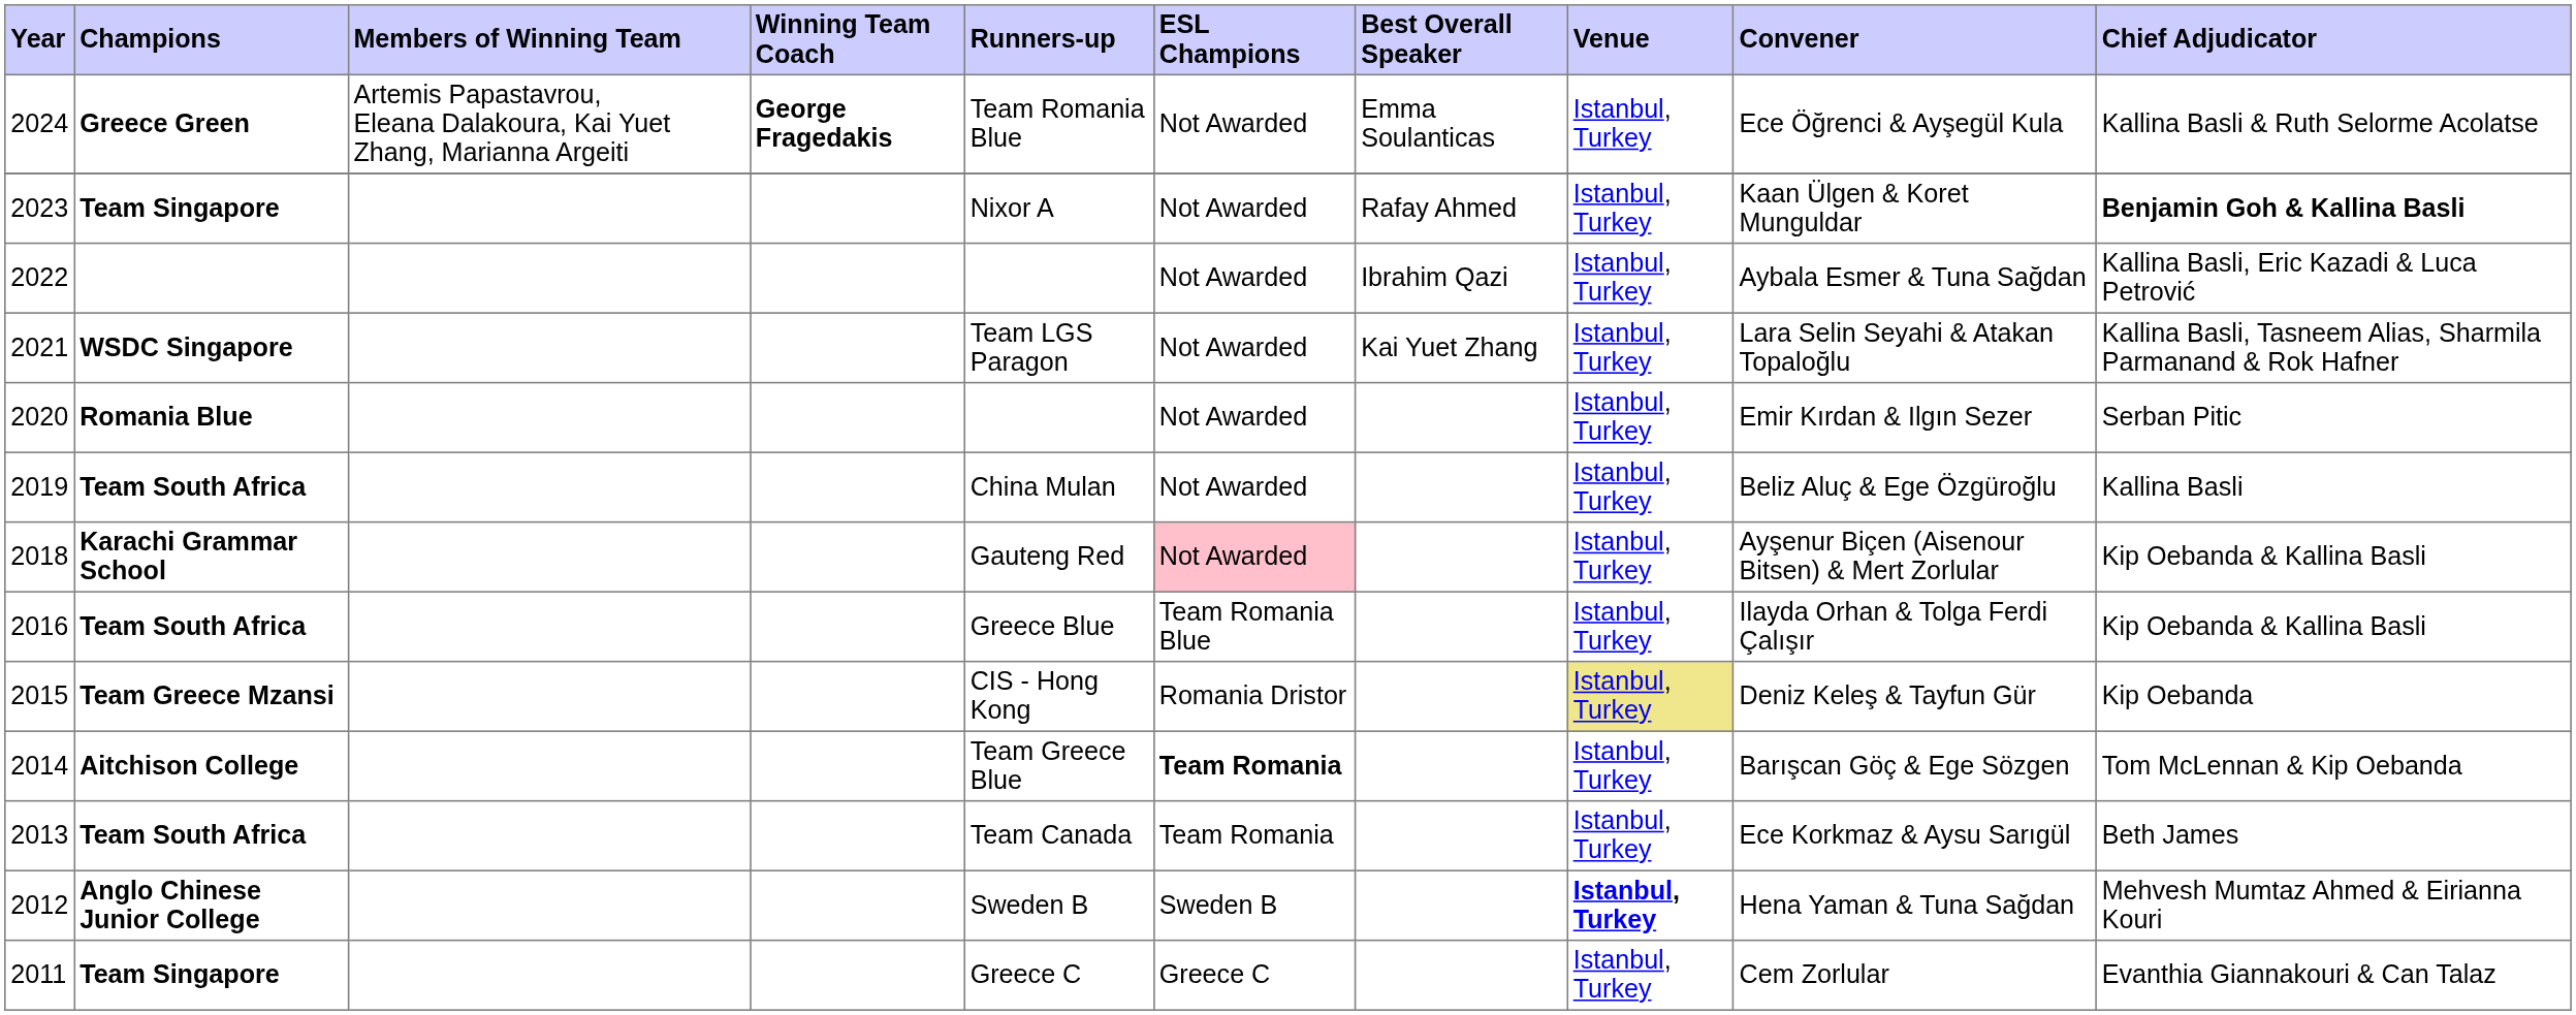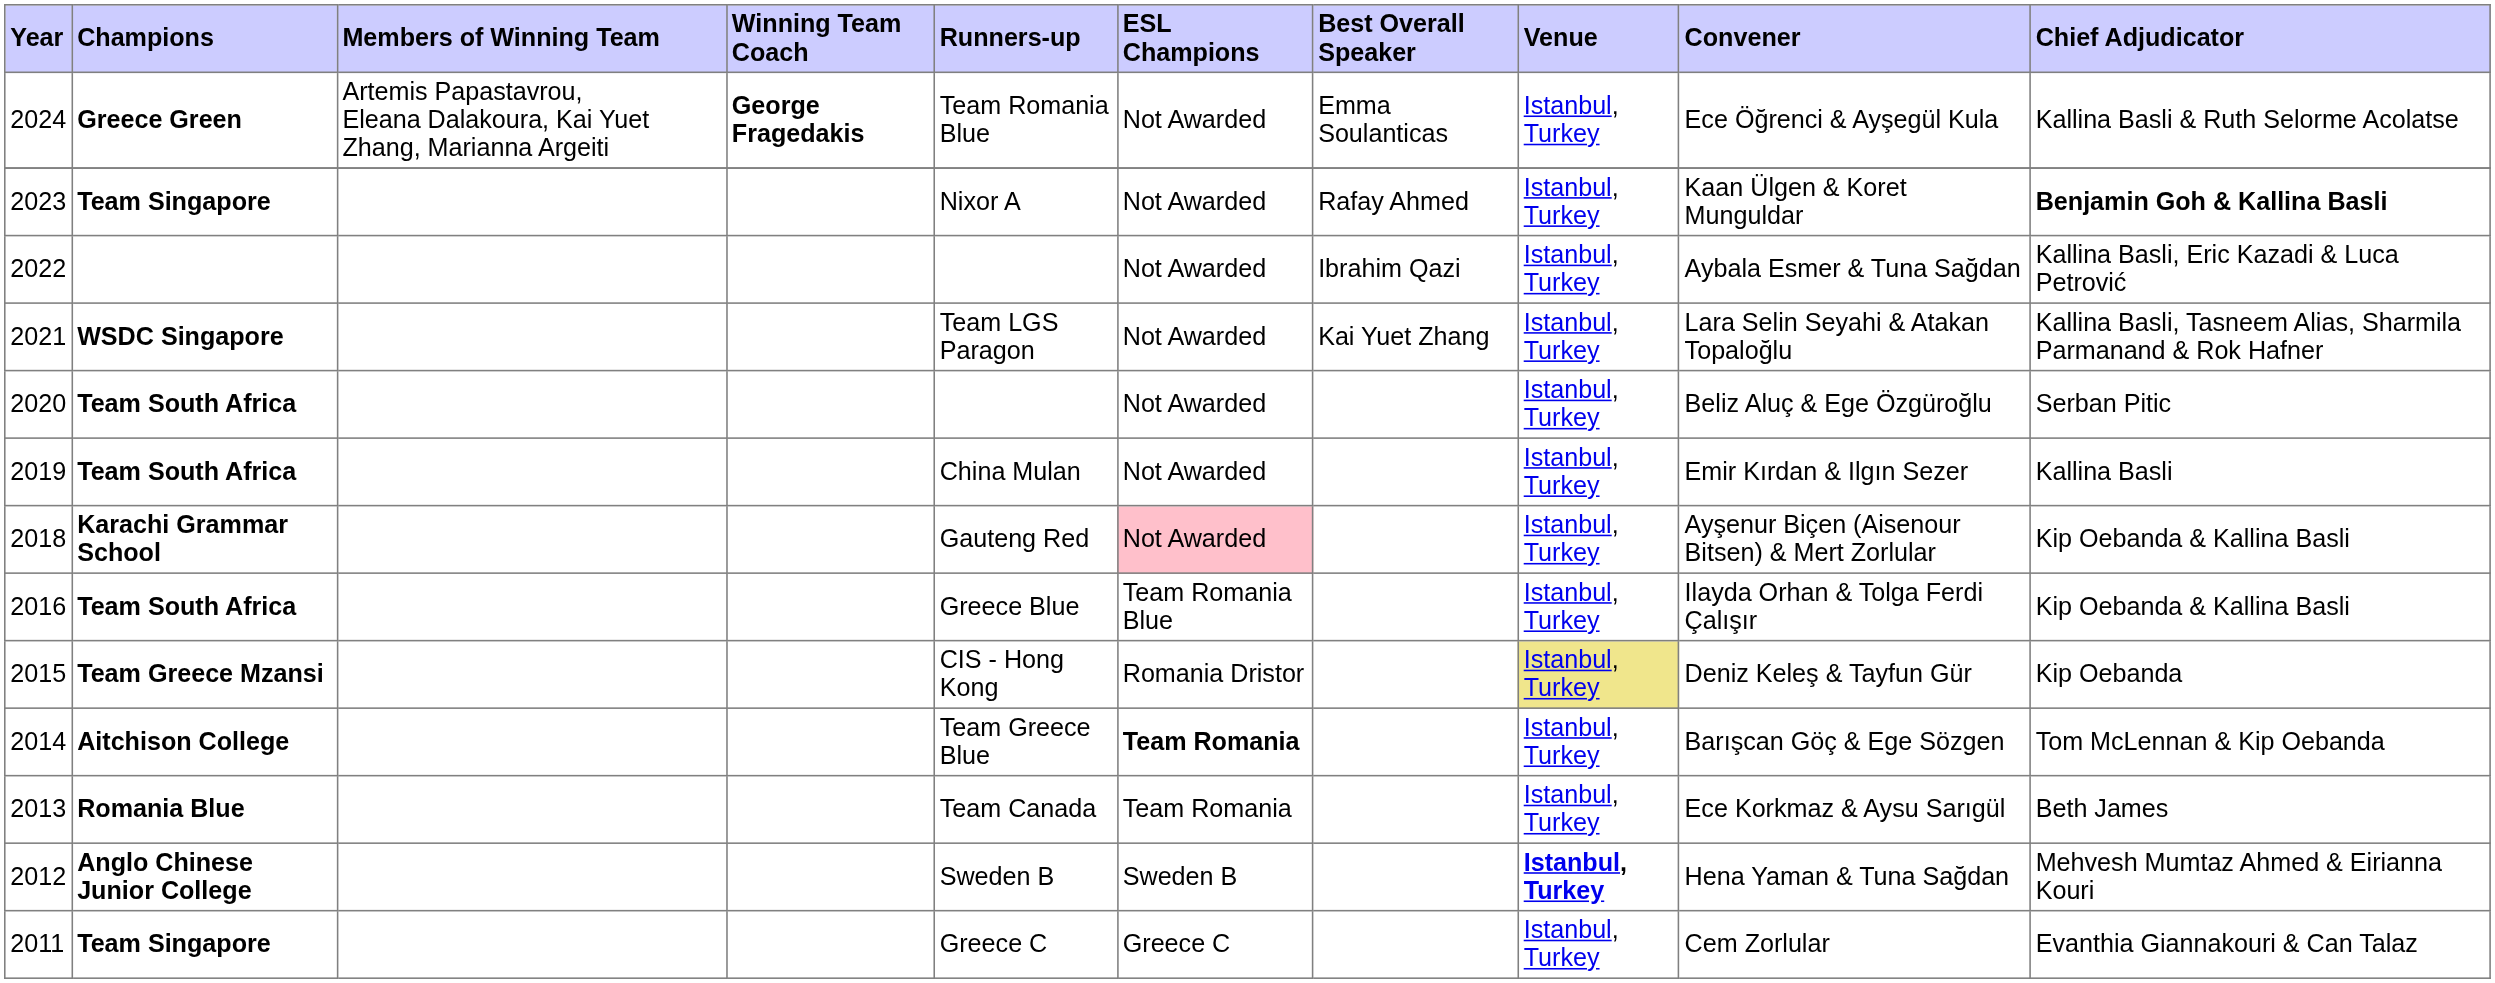 <table border=1 cellpadding=3 style="border-collapse: collapse;">
 <tr bgcolor="#ccccff">
 <td><strong>Year</strong></td>
 <td><strong>Champions</strong></td>
 <td><strong>Members of Winning Team</strong></td>
 <td><strong>Winning Team Coach</strong></td>
 <td><strong>Runners-up</strong></td>
 <td><strong>ESL Champions</strong></td>
 <td><strong>Best Overall Speaker</strong></td>
 <td><strong>Venue</strong></td>
 <td><strong>Convener</strong></td>
 <td><strong>Chief Adjudicator</strong></td>
 </tr>
 <tr>
 <td>2024</td>
 <td><strong>Greece Green</strong></td>
 <td>Artemis Papastavrou,<br>Eleana Dalakoura,  Kai Yuet Zhang, Marianna Argeiti</td>
 <td><strong>George Fragedakis</strong></td>
 <td>Team Romania Blue</td>
 <td>Not Awarded</td>
 <td>Emma Soulanticas</td>
 <td><a href='#'>Istanbul</a>, <a href='#'>Turkey</a></td>
 <td>Ece Öğrenci & Ayşegül Kula</td>
 <td>Kallina Basli & Ruth Selorme Acolatse</td>
 </tr>
 <tr>
 </tr>
 <tr>
 <td>2023</td>
 <td><strong>Team Singapore</strong></td>
 <td></td>
 <td></td>
 <td>Nixor A</td>
 <td>Not Awarded</td>
 <td>Rafay Ahmed</td>
 <td><a href='#'>Istanbul</a>, <a href='#'>Turkey</a></td>
 <td>Kaan Ülgen & Koret Munguldar</td>
 <td><strong>Benjamin Goh & Kallina Basli</strong></td>
 </tr>
 <tr>
 <td>2022</td>
 <td></td>
 <td></td>
 <td></td>
 <td></td>
 <td>Not Awarded</td>
 <td>Ibrahim Qazi</td>
 <td><a href='#'>Istanbul</a>, <a href='#'>Turkey</a></td>
 <td>Aybala Esmer & Tuna Sağdan</td>
 <td>Kallina Basli, Eric Kazadi & Luca Petrović</td>
 </tr>
 <tr>
 <td>2021</td>
 <td><strong>WSDC Singapore</strong></td>
 <td></td>
 <td></td>
 <td>Team LGS Paragon</td>
 <td>Not Awarded</td>
 <td>Kai Yuet Zhang</td>
 <td><a href='#'>Istanbul</a>, <a href='#'>Turkey</a></td>
 <td>Lara Selin Seyahi & Atakan Topaloğlu</td>
 <td>Kallina Basli, Tasneem Alias, Sharmila Parmanand & Rok Hafner</td>
 </tr>
 <tr>
 <td>2020</td>
-<td><strong>Romania Blue</strong></td>
+<td><strong>Team South Africa</strong></td>
 <td></td>
 <td></td>
 <td></td>
 <td>Not Awarded</td>
 <td></td>
 <td><a href='#'>Istanbul</a>, <a href='#'>Turkey</a></td>
-<td>Emir Kırdan & Ilgın Sezer</td>
+<td>Beliz Aluç & Ege Özgüroğlu</td>
 <td>Serban Pitic</td>
 </tr>
 <tr>
 <td>2019</td>
 <td><strong>Team South Africa</strong></td>
 <td></td>
 <td></td>
 <td>China Mulan</td>
 <td>Not Awarded</td>
 <td></td>
 <td><a href='#'>Istanbul</a>, <a href='#'>Turkey</a></td>
-<td>Beliz Aluç & Ege Özgüroğlu</td>
+<td>Emir Kırdan & Ilgın Sezer</td>
 <td>Kallina Basli</td>
 </tr>
 <tr>
 <td>2018</td>
 <td><strong>Karachi Grammar School</strong></td>
 <td></td>
 <td></td>
 <td>Gauteng Red</td>
 <td style="background: pink;">Not Awarded</td>
 <td></td>
 <td><a href='#'>Istanbul</a>, <a href='#'>Turkey</a></td>
 <td>Ayşenur Biçen (Aisenour Bitsen) & Mert Zorlular</td>
 <td>Kip Oebanda & Kallina Basli</td>
 </tr>
 <tr>
 <td>2016</td>
 <td><strong>Team South Africa</strong></td>
 <td></td>
 <td></td>
 <td>Greece Blue</td>
 <td>Team Romania Blue</td>
 <td></td>
 <td><a href='#'>Istanbul</a>, <a href='#'>Turkey</a></td>
 <td>Ilayda Orhan & Tolga Ferdi Çalışır</td>
 <td>Kip Oebanda & Kallina Basli</td>
 </tr>
 <tr>
 <td>2015</td>
 <td><strong>Team Greece Mzansi</strong></td>
 <td></td>
 <td></td>
 <td>CIS - Hong Kong</td>
 <td>Romania Dristor </td>
 <td></td>
 <td style="background: khaki;"><a href='#'>Istanbul</a>, <a href='#'>Turkey</a></td>
 <td>Deniz Keleş & Tayfun Gür</td>
 <td>Kip Oebanda</td>
 </tr>
 <tr>
 <td>2014</td>
 <td><strong>Aitchison College</strong></td>
 <td></td>
 <td></td>
 <td>Team Greece Blue</td>
 <td><strong>Team Romania</strong></td>
 <td></td>
 <td><a href='#'>Istanbul</a>, <a href='#'>Turkey</a></td>
 <td>Barışcan Göç & Ege Sözgen</td>
 <td>Tom McLennan & Kip Oebanda</td>
 </tr>
 <tr>
 <td>2013</td>
-<td><strong>Team South Africa</strong></td>
+<td><strong>Romania Blue</strong></td>
 <td></td>
 <td></td>
 <td>Team Canada</td>
 <td>Team Romania</td>
 <td></td>
 <td><a href='#'>Istanbul</a>, <a href='#'>Turkey</a></td>
 <td>Ece Korkmaz & Aysu Sarıgül</td>
 <td>Beth James</td>
 </tr>
 <tr>
 <td>2012</td>
 <td><strong>Anglo Chinese Junior College</strong></td>
 <td></td>
 <td></td>
 <td>Sweden B</td>
 <td>Sweden B</td>
 <td></td>
 <td><strong><a href='#'>Istanbul</a>, <a href='#'>Turkey</a></strong></td>
 <td>Hena Yaman & Tuna Sağdan</td>
 <td>Mehvesh Mumtaz Ahmed & Eirianna Kouri</td>
 </tr>
 <tr>
 <td>2011</td>
 <td><strong>Team Singapore</strong></td>
 <td></td>
 <td></td>
 <td>Greece C</td>
 <td>Greece C</td>
 <td></td>
 <td><a href='#'>Istanbul</a>, <a href='#'>Turkey</a></td>
 <td>Cem Zorlular</td>
 <td>Evanthia Giannakouri & Can Talaz</td>
 </tr>
 </table>
